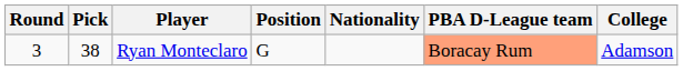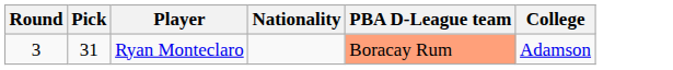 <table class="wikitable sortable sortable">
 <tr>
 <th>Round</th>
 <th>Pick</th>
 <th>Player</th>
-<th>Position</th>
 <th>Nationality</th>
 <th>PBA D-League team</th>
 <th>College</th>
 </tr>
 <tr>
 <td align=center>3</td>
-<td align=center>38</td>
+<td align=center>31</td>
 <td><a href='#'>Ryan Monteclaro</a></td>
-<td>G</td>
 <td></td>
 <td style="background: lightsalmon;">Boracay Rum</td>
 <td><a href='#'>Adamson</a></td>
 </tr>
 </table>
